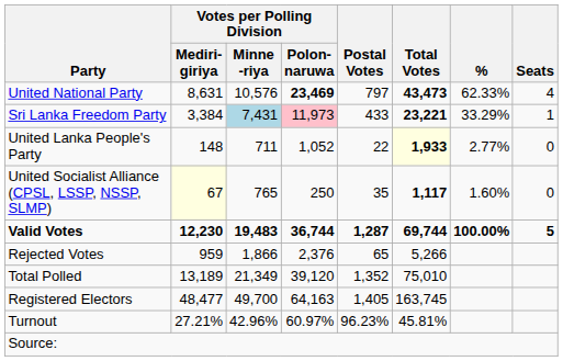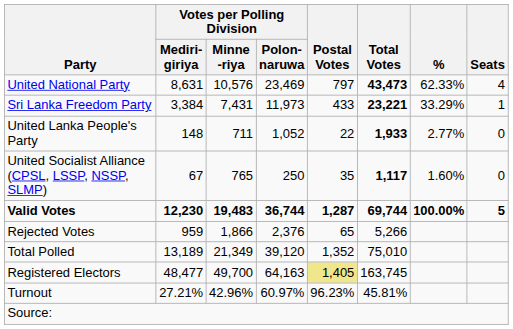 <table class="wikitable" border="1" style="text-align:right;">
 <tr>
 <th align=left valign=bottom rowspan=2 width="180">Party</th>
 <th colspan=3>Votes per Polling Division</th>
 <th align=center valign=bottom rowspan=2 width="50">Postal<br>Votes</th>
 <th align=center valign=bottom rowspan=2 width="50">Total Votes</th>
 <th align=center valign=bottom rowspan=2 width="50">%</th>
 <th align=center valign=bottom rowspan=2 width="40">Seats</th>
 </tr>
 <tr>
 <th align=center valign=bottom width="50">Mediri-<br>giriya</th>
 <th align=center valign=bottom width="50">Minne<br>-riya</th>
 <th align=center valign=bottom width="50">Polon-<br>naruwa</th>
 </tr>
 <tr>
 <td align=left><a href='#'>United National Party</a></td>
 <td>8,631</td>
 <td>10,576</td>
-<td><strong>23,469</strong></td>
+<td>23,469</td>
 <td>797</td>
 <td><strong>43,473</strong></td>
 <td>62.33%</td>
 <td>4</td>
 </tr>
 <tr>
 <td align=left><a href='#'>Sri Lanka Freedom Party</a></td>
 <td>3,384</td>
-<td style="background: lightblue;">7,431</td>
-<td style="background: pink;">11,973</td>
+<td>7,431</td>
+<td>11,973</td>
 <td>433</td>
 <td><strong>23,221</strong></td>
 <td>33.29%</td>
 <td>1</td>
 </tr>
 <tr>
 <td align=left>United Lanka People's Party</td>
 <td>148</td>
 <td>711</td>
 <td>1,052</td>
 <td>22</td>
-<td style="background: lightyellow;"><strong>1,933</strong></td>
+<td><strong>1,933</strong></td>
 <td>2.77%</td>
 <td>0</td>
 </tr>
 <tr>
 <td align=left>United Socialist Alliance<br>(<a href='#'>CPSL</a>, <a href='#'>LSSP</a>, <a href='#'>NSSP</a>, <a href='#'>SLMP</a>)</td>
-<td style="background: lightyellow;">67</td>
+<td>67</td>
 <td>765</td>
 <td>250</td>
 <td>35</td>
 <td><strong>1,117</strong></td>
 <td>1.60%</td>
 <td>0</td>
 </tr>
 <tr>
 <td align=left><strong>Valid Votes</strong></td>
 <td><strong>12,230</strong></td>
 <td><strong>19,483</strong></td>
 <td><strong>36,744</strong></td>
 <td><strong>1,287</strong></td>
 <td><strong>69,744</strong></td>
 <td><strong>100.00%</strong></td>
 <td><strong>5</strong></td>
 </tr>
 <tr>
 <td align=left>Rejected Votes</td>
 <td>959</td>
 <td>1,866</td>
 <td>2,376</td>
 <td>65</td>
 <td>5,266</td>
 <td></td>
 <td></td>
 </tr>
 <tr>
 <td align=left>Total Polled</td>
 <td>13,189</td>
 <td>21,349</td>
 <td>39,120</td>
 <td>1,352</td>
 <td>75,010</td>
 <td></td>
 <td></td>
 </tr>
 <tr>
 <td align=left>Registered Electors</td>
 <td>48,477</td>
 <td>49,700</td>
 <td>64,163</td>
-<td>1,405</td>
+<td style="background: khaki;">1,405</td>
 <td>163,745</td>
 <td></td>
 <td></td>
 </tr>
 <tr>
 <td align=left>Turnout</td>
 <td>27.21%</td>
 <td>42.96%</td>
 <td>60.97%</td>
 <td>96.23%</td>
 <td>45.81%</td>
 <td></td>
 <td></td>
 </tr>
 <tr>
 <td align=left colspan=9>Source:</td>
 </tr>
 </table>
